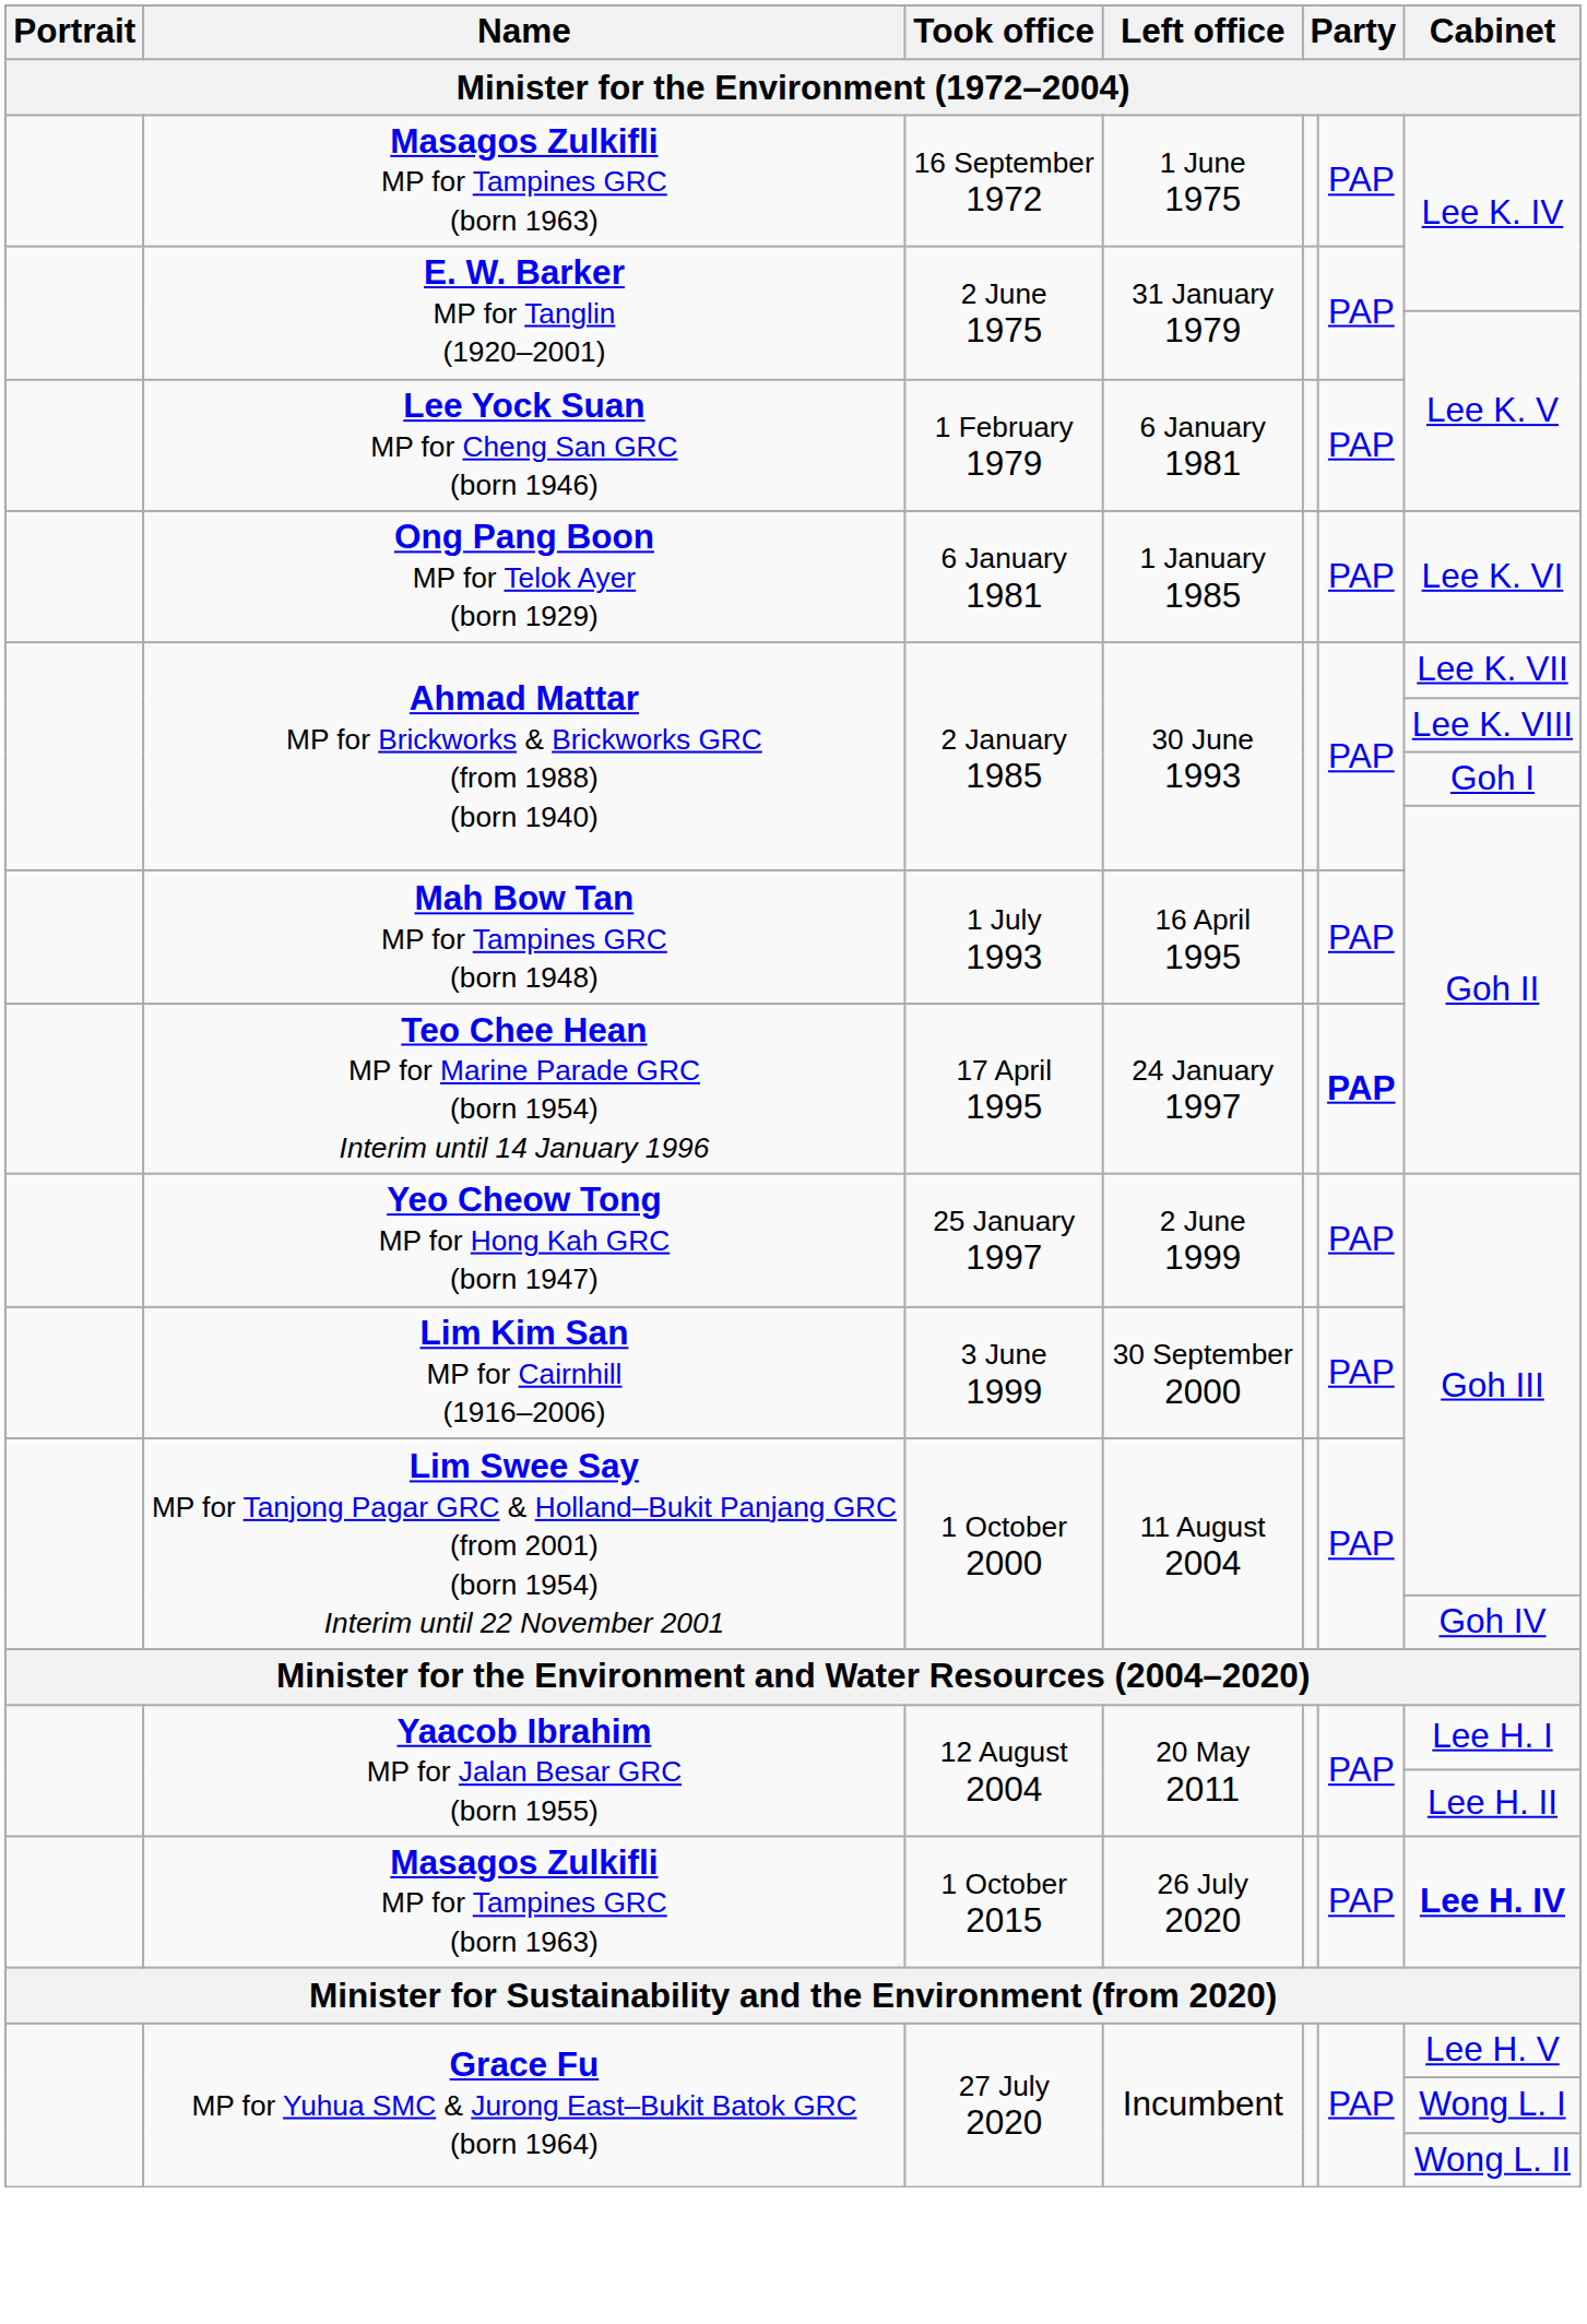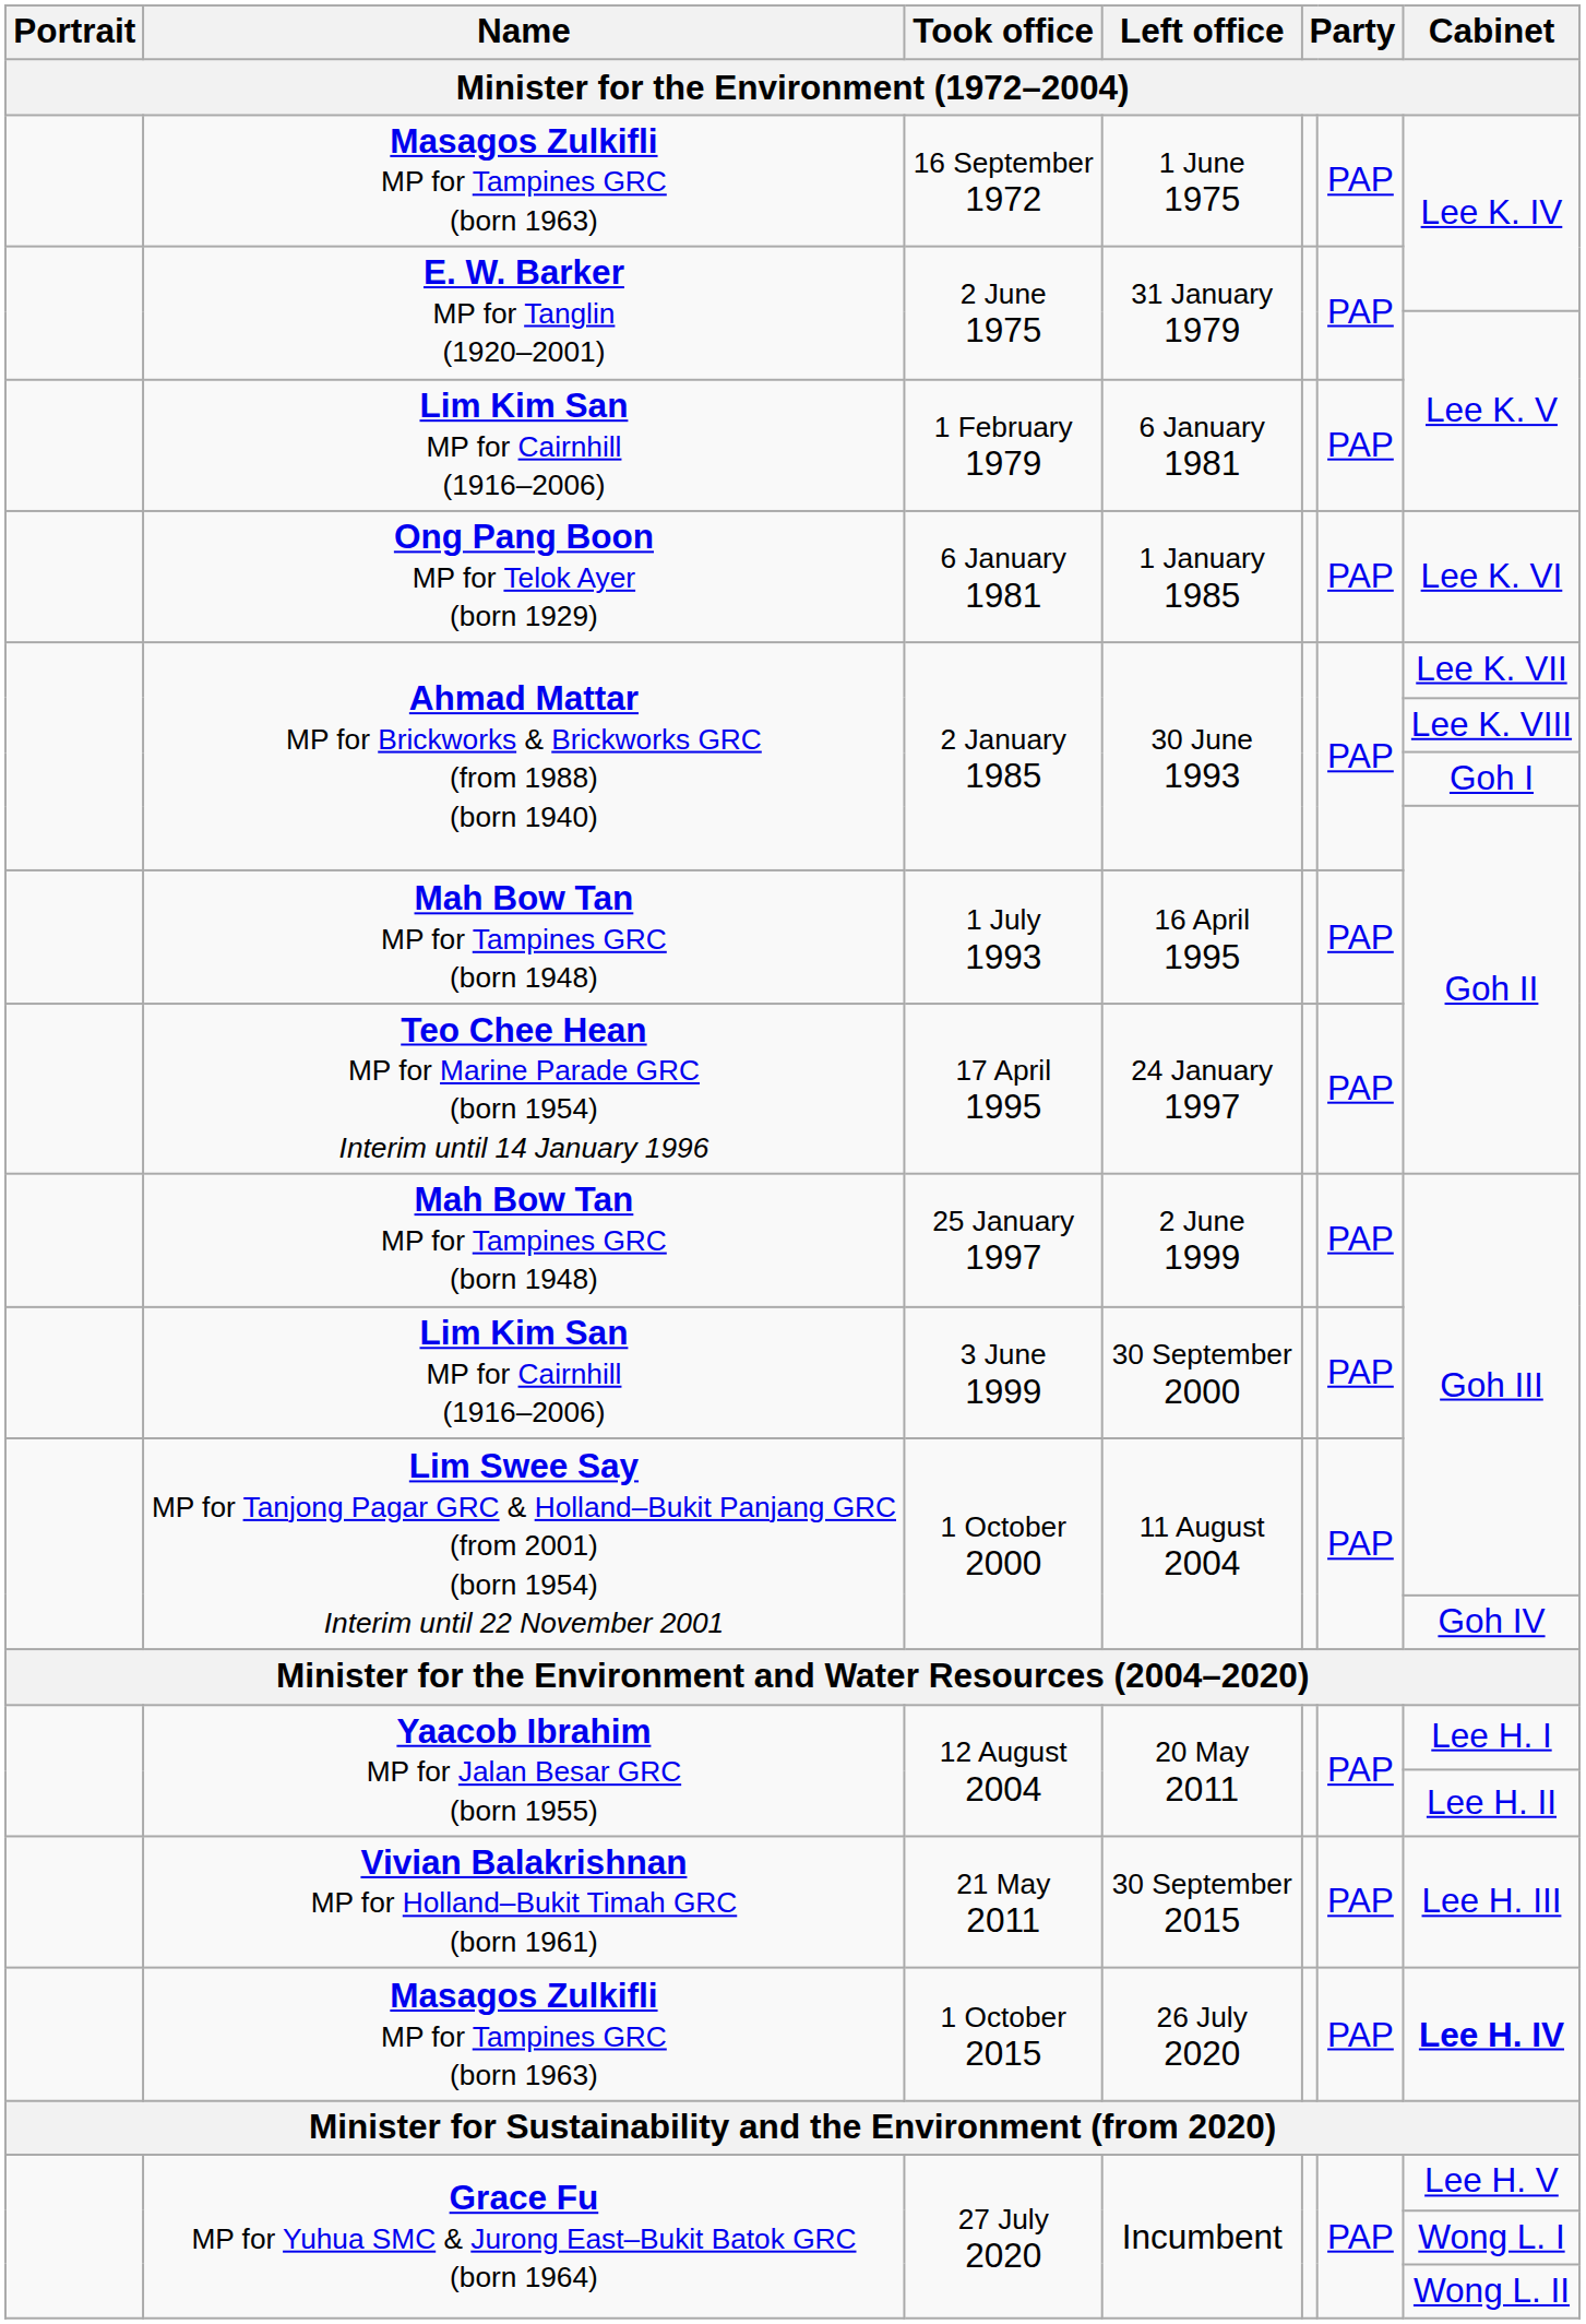 <table class="wikitable" style="text-align:center; border:1px #aaf solid;">
 <tr>
 <th>Portrait</th>
 <th>Name<br></th>
 <th width="85">Took office</th>
 <th width="85">Left office</th>
 <th colspan="2">Party</th>
 <th>Cabinet</th>
 </tr>
 <tr>
 <th colspan="7">Minister for the Environment (1972–2004)</th>
 </tr>
 <tr>
 <td></td>
 <td><strong><a href='#'>Masagos Zulkifli</a></strong><br><small>MP for <a href='#'>Tampines GRC</a></small><br><small>(born 1963)</small></td>
 <td><small>16 September</small><br>1972</td>
 <td><small>1 June</small><br>1975</td>
 <td style="background:"></td>
 <td><a href='#'>PAP</a></td>
 <td rowspan="2"><a href='#'>Lee K. IV</a></td>
 </tr>
 <tr style="height:30px;">
 <td rowspan="2"></td>
 <td rowspan="2"><strong><a href='#'>E. W. Barker</a></strong><br><small>MP for <a href='#'>Tanglin</a></small><br><small>(1920–2001)</small></td>
 <td rowspan="2"><small>2 June</small><br>1975</td>
 <td rowspan="2"><small>31 January</small><br>1979</td>
 <td rowspan="2" style="background:"></td>
 <td rowspan="2"><a href='#'>PAP</a></td>
 </tr>
 <tr>
 <td rowspan="2"><a href='#'>Lee K. V</a></td>
 </tr>
 <tr>
 <td></td>
-<td><strong><a href='#'>Lee Yock Suan</a></strong><br><small>MP for <a href='#'>Cheng San GRC</a></small><br><small>(born 1946)</small></td>
+<td><strong><a href='#'>Lim Kim San</a></strong><br><small>MP for <a href='#'>Cairnhill</a></small><br><small>(1916–2006)</small></td>
 <td><small>1 February</small><br>1979</td>
 <td><small>6 January</small><br>1981</td>
 <td style="background:"></td>
 <td><a href='#'>PAP</a></td>
 </tr>
 <tr>
 <td></td>
 <td><strong><a href='#'>Ong Pang Boon</a></strong><br><small>MP for <a href='#'>Telok Ayer</a></small><br><small>(born 1929)</small></td>
 <td><small>6 January</small><br>1981</td>
 <td><small>1 January</small><br>1985</td>
 <td style="background:"></td>
 <td><a href='#'>PAP</a></td>
 <td><a href='#'>Lee K. VI</a></td>
 </tr>
 <tr>
 <td rowspan="4"></td>
 <td rowspan="4"><strong><a href='#'>Ahmad Mattar</a></strong><br><small>MP for <a href='#'>Brickworks</a> & <a href='#'>Brickworks GRC</a><br>(from 1988)<br>(born 1940)</small></td>
 <td rowspan="4"><small>2 January</small><br>1985</td>
 <td rowspan="4"><small>30 June</small><br>1993</td>
 <td rowspan="4" style="background:"></td>
 <td rowspan="4"><a href='#'>PAP</a></td>
 <td><a href='#'>Lee K. VII</a></td>
 </tr>
 <tr>
 <td><a href='#'>Lee K. VIII</a></td>
 </tr>
 <tr>
 <td><a href='#'>Goh I</a></td>
 </tr>
 <tr style="height:30px;">
 <td rowspan="3"><a href='#'>Goh II</a></td>
 </tr>
 <tr>
 <td></td>
 <td><strong><a href='#'>Mah Bow Tan</a></strong><br><small>MP for <a href='#'>Tampines GRC</a></small><br><small>(born 1948)</small></td>
 <td><small>1 July</small><br>1993</td>
 <td><small>16 April</small><br>1995</td>
 <td style="background:"></td>
 <td><a href='#'>PAP</a></td>
 </tr>
 <tr>
 <td></td>
 <td><strong><a href='#'>Teo Chee Hean</a></strong><br><small>MP for <a href='#'>Marine Parade GRC</a></small><br><small>(born 1954)</small><br><small><em>Interim until 14 January 1996</em></small></td>
 <td><small>17 April</small><br>1995</td>
 <td><small>24 January</small><br>1997</td>
 <td style="background:"></td>
-<td><strong><a href='#'>PAP</a></strong></td>
+<td><a href='#'>PAP</a></td>
 </tr>
 <tr>
 <td></td>
-<td><strong><a href='#'>Yeo Cheow Tong</a></strong><br><small>MP for <a href='#'>Hong Kah GRC</a></small><br><small>(born 1947)</small></td>
+<td><strong><a href='#'>Mah Bow Tan</a></strong><br><small>MP for <a href='#'>Tampines GRC</a></small><br><small>(born 1948)</small></td>
 <td><small>25 January</small><br>1997</td>
 <td><small>2 June</small><br>1999</td>
 <td style="background:"></td>
 <td><a href='#'>PAP</a></td>
 <td rowspan="3"><a href='#'>Goh III</a></td>
 </tr>
 <tr>
 <td></td>
 <td><strong><a href='#'>Lim Kim San</a></strong><br><small>MP for <a href='#'>Cairnhill</a></small><br><small>(1916–2006)</small></td>
 <td><small>3 June</small><br>1999</td>
 <td><small>30 September</small><br>2000</td>
 <td style="background:"></td>
 <td><a href='#'>PAP</a></td>
 </tr>
 <tr style="height:73px;">
 <td rowspan="2"></td>
 <td rowspan="2"><strong><a href='#'>Lim Swee Say</a></strong><br><small>MP for <a href='#'>Tanjong Pagar GRC</a> & <a href='#'>Holland–Bukit Panjang GRC</a><br>(from 2001)<br>(born 1954)<br><em>Interim until 22 November 2001</em></small></td>
 <td rowspan="2"><small>1 October</small><br>2000</td>
 <td rowspan="2"><small>11 August</small><br>2004</td>
 <td rowspan="2" style="background:"></td>
 <td rowspan="2"><a href='#'>PAP</a></td>
 </tr>
 <tr>
 <td><a href='#'>Goh IV</a></td>
 </tr>
 <tr>
 <th colspan="7">Minister for the Environment and Water Resources (2004–2020)</th>
 </tr>
 <tr>
 <td rowspan="2"></td>
 <td rowspan="2"><strong><a href='#'>Yaacob Ibrahim</a></strong><br><small>MP for <a href='#'>Jalan Besar GRC</a></small><br><small>(born 1955)</small></td>
 <td rowspan="2"><small>12 August</small><br>2004</td>
 <td rowspan="2"><small>20 May</small><br>2011</td>
 <td rowspan="2" style="background:"></td>
 <td rowspan="2"><a href='#'>PAP</a></td>
 <td><a href='#'>Lee H. I</a></td>
 </tr>
 <tr>
 <td><a href='#'>Lee H. II</a></td>
 </tr>
 <tr>
 <td></td>
+<td><strong><a href='#'>Vivian Balakrishnan</a></strong><br><small>MP for <a href='#'>Holland–Bukit Timah GRC</a></small><br><small>(born 1961)</small></td>
+<td><small>21 May</small><br>2011</td>
+<td><small>30 September</small><br>2015</td>
+<td style="background:"></td>
+<td><a href='#'>PAP</a></td>
+<td><a href='#'>Lee H. III</a></td>
+</tr>
+<tr>
+<td></td>
 <td><strong><a href='#'>Masagos Zulkifli</a></strong><br><small>MP for <a href='#'>Tampines GRC</a></small><br><small>(born 1963)</small></td>
 <td><small>1 October</small><br>2015</td>
 <td><small>26 July</small><br>2020</td>
 <td style="background:"></td>
 <td><a href='#'>PAP</a></td>
 <td><strong><a href='#'>Lee H. IV</a></strong></td>
 </tr>
 <tr>
 <th colspan="7">Minister for Sustainability and the Environment (from 2020)</th>
 </tr>
 <tr>
 <td rowspan="3"></td>
 <td rowspan="3"><strong><a href='#'>Grace Fu</a></strong><br><small>MP for <a href='#'>Yuhua SMC</a> & <a href='#'>Jurong East–Bukit Batok GRC</a></small><br><small>(born 1964)</small></td>
 <td rowspan="3"><small>27 July</small><br>2020</td>
 <td rowspan="3">Incumbent</td>
 <td rowspan="3" style="background:"></td>
 <td rowspan="3"><a href='#'>PAP</a></td>
 <td><a href='#'>Lee H. V</a></td>
 </tr>
 <tr>
 <td><a href='#'>Wong L. I</a></td>
 </tr>
 <tr>
 <td><a href='#'>Wong L. II</a></td>
 </tr>
 </table>
